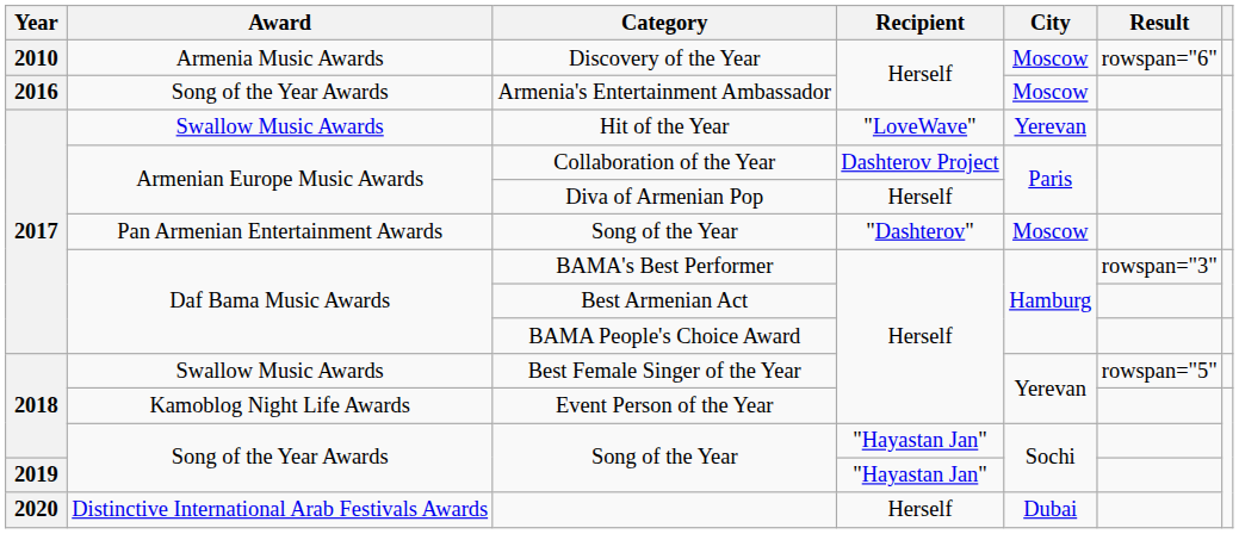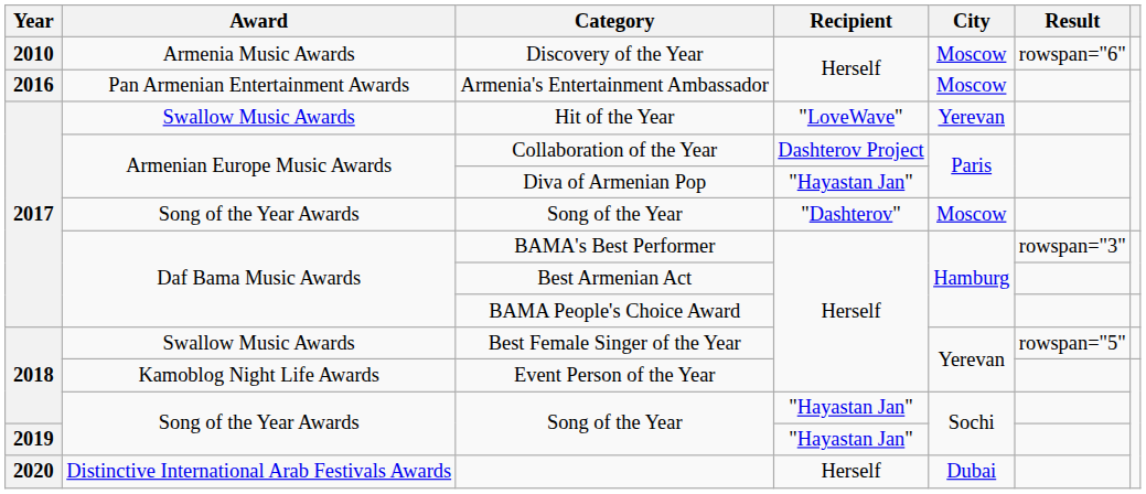 <table class="wikitable plainrowheaders unsortable" style="text-align: center;">
 <tr>
 <th style="width: 5%;">Year</th>
 <th>Award</th>
 <th>Category</th>
 <th>Recipient</th>
 <th>City</th>
 <th>Result</th>
 <th></th>
 </tr>
 <tr>
 <th scope="row">2010</th>
 <td>Armenia Music Awards</td>
 <td>Discovery of the Year</td>
 <td rowspan="2">Herself</td>
 <td><a href='#'>Moscow</a></td>
 <td>rowspan="6"  </td>
 <td></td>
 </tr>
 <tr>
 <th scope="row" rowspan="1">2016</th>
-<td>Song of the Year Awards</td>
+<td>Pan Armenian Entertainment Awards</td>
 <td>Armenia's Entertainment Ambassador</td>
 <td><a href='#'>Moscow</a></td>
 <td></td>
 </tr>
 <tr>
 <th scope="row" rowspan="7">2017</th>
 <td><a href='#'>Swallow Music Awards</a></td>
 <td>Hit of the Year</td>
 <td>"<a href='#'>LoveWave</a>"</td>
 <td><a href='#'>Yerevan</a></td>
 <td></td>
 </tr>
 <tr>
 <td rowspan="2">Armenian Europe Music Awards</td>
 <td>Collaboration of the Year</td>
 <td><a href='#'>Dashterov Project</a></td>
 <td rowspan="2"><a href='#'>Paris</a></td>
 <td rowspan="2"></td>
 </tr>
 <tr>
 <td>Diva of Armenian Pop</td>
-<td>Herself</td>
+<td>"<a href='#'>Hayastan Jan</a>"</td>
 </tr>
 <tr>
-<td>Pan Armenian Entertainment Awards</td>
+<td>Song of the Year Awards</td>
 <td>Song of the Year</td>
 <td>"<a href='#'>Dashterov</a>"</td>
 <td><a href='#'>Moscow</a></td>
 <td></td>
 </tr>
 <tr>
 <td rowspan="3">Daf Bama Music Awards</td>
 <td>BAMA's Best Performer</td>
 <td rowspan="5">Herself</td>
 <td rowspan="3"><a href='#'>Hamburg</a></td>
 <td>rowspan="3" </td>
 <td rowspan="2"></td>
 </tr>
 <tr>
 <td>Best Armenian Act</td>
 </tr>
 <tr>
 <td>BAMA People's Choice Award</td>
 <td></td>
 </tr>
 <tr>
 <th scope="row" rowspan="3">2018</th>
 <td>Swallow Music Awards</td>
 <td>Best Female Singer of the Year</td>
 <td rowspan="2">Yerevan</td>
 <td>rowspan="5"  </td>
 <td></td>
 </tr>
 <tr>
 <td>Kamoblog Night Life Awards</td>
 <td>Event Person of the Year</td>
 <td></td>
 </tr>
 <tr>
 <td rowspan="2">Song of the Year Awards</td>
 <td rowspan="2">Song of the Year</td>
 <td>"<a href='#'>Hayastan Jan</a>"</td>
 <td rowspan="2">Sochi</td>
 <td></td>
 </tr>
 <tr>
 <th scope="row" rowspan="1">2019</th>
 <td>"<a href='#'>Hayastan Jan</a>"</td>
 <td></td>
 </tr>
 <tr>
 <th scope="row" rowspan="1">2020</th>
 <td><a href='#'>Distinctive International Arab Festivals Awards</a></td>
 <td></td>
 <td>Herself</td>
 <td><a href='#'>Dubai</a></td>
 <td></td>
 </tr>
 </table>
